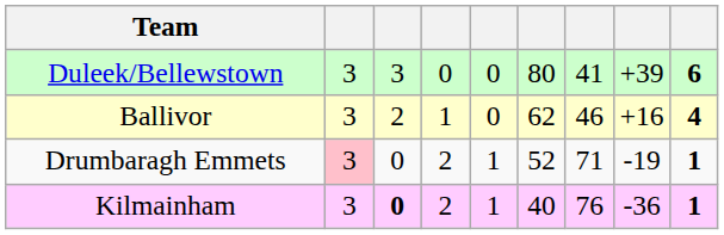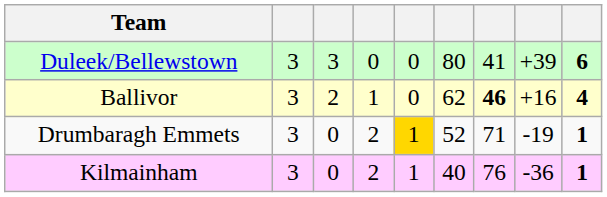 <table class="wikitable" style="text-align:center">
 <tr>
 <th style="width:175px;">Team</th>
 <th width="20"></th>
 <th width="20"></th>
 <th width="20"></th>
 <th width="20"></th>
 <th width="20"></th>
 <th width="20"></th>
 <th width="20"></th>
 <th width="20"></th>
 </tr>
 <tr style="background:#cfc;">
 <td><a href='#'>Duleek/Bellewstown</a></td>
 <td>3</td>
 <td>3</td>
 <td>0</td>
 <td>0</td>
 <td>80</td>
 <td>41</td>
 <td>+39</td>
 <td><strong>6</strong></td>
 </tr>
 <tr style="background:#ffffcc;">
 <td>Ballivor</td>
 <td>3</td>
 <td>2</td>
 <td>1</td>
 <td>0</td>
 <td>62</td>
-<td>46</td>
+<td><strong>46</strong></td>
 <td>+16</td>
 <td><strong>4</strong></td>
 </tr>
 <tr>
 <td>Drumbaragh Emmets</td>
-<td style="background: pink;">3</td>
+<td>3</td>
 <td>0</td>
 <td>2</td>
-<td>1</td>
+<td style="background: gold;">1</td>
 <td>52</td>
 <td>71</td>
 <td>-19</td>
 <td><strong>1</strong></td>
 </tr>
 <tr style="background:#fcf;">
 <td>Kilmainham</td>
 <td>3</td>
-<td><strong>0</strong></td>
+<td>0</td>
 <td>2</td>
 <td>1</td>
 <td>40</td>
 <td>76</td>
 <td>-36</td>
 <td><strong>1</strong></td>
 </tr>
 </table>
